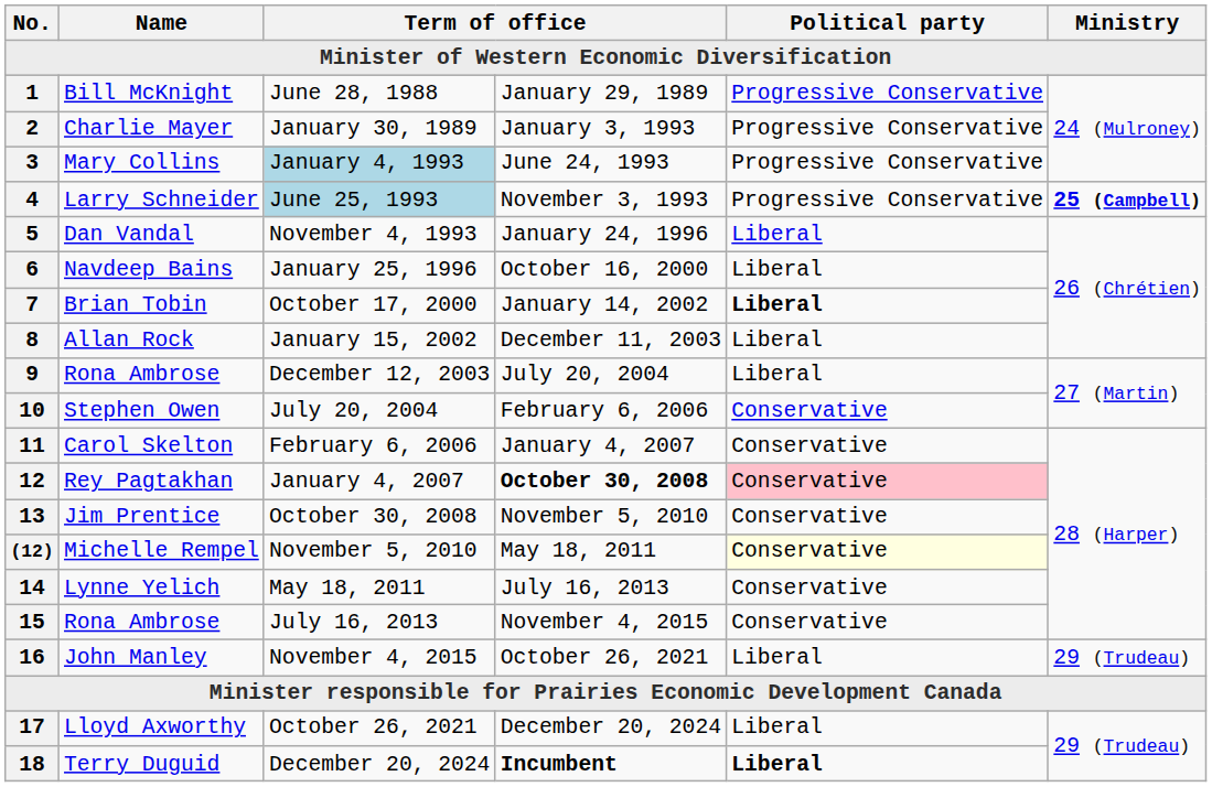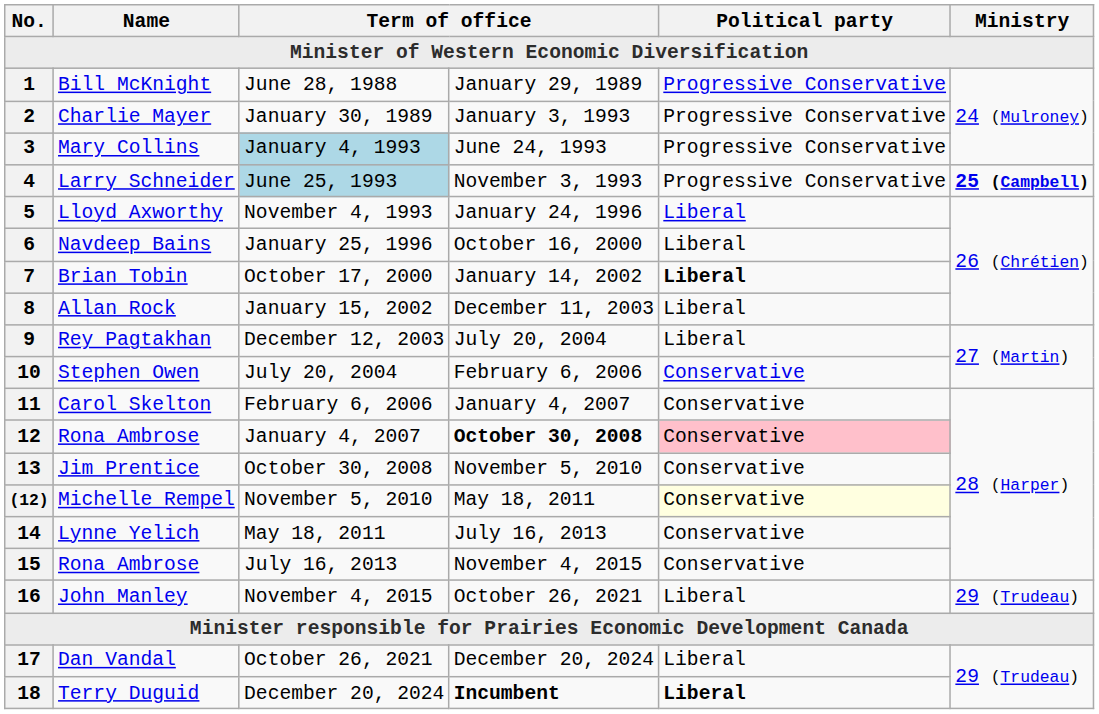 <table class="wikitable">
 <tr>
 <th>No.</th>
 <th>Name</th>
 <th colspan=2>Term of office</th>
 <th>Political party</th>
 <th>Ministry</th>
 </tr>
 <tr>
 <th colspan="17" style="background: #ececec; color: #2C2C2C; vertical-align: middle;">Minister of Western Economic Diversification</th>
 </tr>
 <tr>
 <th style="background:">1</th>
 <td><a href='#'>Bill McKnight</a></td>
 <td>June 28, 1988</td>
 <td>January 29, 1989</td>
 <td><a href='#'>Progressive Conservative</a></td>
 <td rowspan=3><a href='#'>24</a> <small>(<a href='#'>Mulroney</a>)</small></td>
 </tr>
 <tr>
 <th style="background:">2</th>
 <td><a href='#'>Charlie Mayer</a></td>
 <td>January 30, 1989</td>
 <td>January 3, 1993</td>
 <td>Progressive Conservative</td>
 </tr>
 <tr>
 <th style="background:">3</th>
 <td><a href='#'>Mary Collins</a></td>
 <td style="background: lightblue;">January 4, 1993</td>
 <td>June 24, 1993</td>
 <td>Progressive Conservative</td>
 </tr>
 <tr>
 <th style="background:">4</th>
 <td><a href='#'>Larry Schneider</a></td>
 <td style="background: lightblue;">June 25, 1993</td>
 <td>November 3, 1993</td>
 <td>Progressive Conservative</td>
 <td><strong><a href='#'>25</a> <small>(<a href='#'>Campbell</a>)</small></strong></td>
 </tr>
 <tr>
 <th style="background:">5</th>
-<td><a href='#'>Dan Vandal</a></td>
+<td><a href='#'>Lloyd Axworthy</a></td>
 <td>November 4, 1993</td>
 <td>January 24, 1996</td>
 <td><a href='#'>Liberal</a></td>
 <td rowspan=4><a href='#'>26</a> <small>(<a href='#'>Chrétien</a>)</small></td>
 </tr>
 <tr>
 <th style="background:">6</th>
 <td><a href='#'>Navdeep Bains</a></td>
 <td>January 25, 1996</td>
 <td>October 16, 2000</td>
 <td>Liberal</td>
 </tr>
 <tr>
 <th style="background:">7</th>
 <td><a href='#'>Brian Tobin</a></td>
 <td>October 17, 2000</td>
 <td>January 14, 2002</td>
 <td><strong>Liberal</strong></td>
 </tr>
 <tr>
 <th style="background:">8</th>
 <td><a href='#'>Allan Rock</a></td>
 <td>January 15, 2002</td>
 <td>December 11, 2003</td>
 <td>Liberal</td>
 </tr>
 <tr>
 <th style="background:">9</th>
-<td><a href='#'>Rona Ambrose</a></td>
+<td><a href='#'>Rey Pagtakhan</a></td>
 <td>December 12, 2003</td>
 <td>July 20, 2004</td>
 <td>Liberal</td>
 <td rowspan=2><a href='#'>27</a> <small>(<a href='#'>Martin</a>)</small></td>
 </tr>
 <tr>
 <th style="background:">10</th>
 <td><a href='#'>Stephen Owen</a></td>
 <td>July 20, 2004</td>
 <td>February 6, 2006</td>
 <td><a href='#'>Conservative</a></td>
 </tr>
 <tr>
 <th style="background:">11</th>
 <td><a href='#'>Carol Skelton</a></td>
 <td>February 6, 2006</td>
 <td>January 4, 2007</td>
 <td>Conservative</td>
 <td rowspan=6><a href='#'>28</a> <small>(<a href='#'>Harper</a>)</small></td>
 </tr>
 <tr>
 <th style="background:">12</th>
-<td><a href='#'>Rey Pagtakhan</a></td>
+<td><a href='#'>Rona Ambrose</a></td>
 <td>January 4, 2007</td>
 <td><strong>October 30, 2008</strong></td>
 <td style="background: pink;">Conservative</td>
 </tr>
 <tr>
 <th style="background:">13</th>
 <td><a href='#'>Jim Prentice</a></td>
 <td>October 30, 2008</td>
 <td>November 5, 2010</td>
 <td>Conservative</td>
 </tr>
 <tr>
 <th style="background:"><small>(12)</small></th>
 <td><a href='#'>Michelle Rempel</a></td>
 <td>November 5, 2010</td>
 <td>May 18, 2011</td>
 <td style="background: lightyellow;">Conservative</td>
 </tr>
 <tr>
 <th style="background:">14</th>
 <td><a href='#'>Lynne Yelich</a></td>
 <td>May 18, 2011</td>
 <td>July 16, 2013</td>
 <td>Conservative</td>
 </tr>
 <tr>
 <th style="background:">15</th>
 <td><a href='#'>Rona Ambrose</a></td>
 <td>July 16, 2013</td>
 <td>November 4, 2015</td>
 <td>Conservative</td>
 </tr>
 <tr>
 <th style="background:">16</th>
 <td><a href='#'>John Manley</a></td>
 <td>November 4, 2015</td>
 <td>October 26, 2021</td>
 <td>Liberal</td>
 <td rowspan=1><a href='#'>29</a> <small>(<a href='#'>Trudeau</a>)</small></td>
 </tr>
 <tr>
 <th colspan="17" style="background: #ececec; color: #2C2C2C; vertical-align: middle;">Minister responsible for Prairies Economic Development Canada</th>
 </tr>
 <tr>
 <th style="background:">17</th>
-<td><a href='#'>Lloyd Axworthy</a></td>
+<td><a href='#'>Dan Vandal</a></td>
 <td>October 26, 2021</td>
 <td>December 20, 2024</td>
 <td>Liberal</td>
 <td rowspan=2><a href='#'>29</a> <small>(<a href='#'>Trudeau</a>)</small></td>
 </tr>
 <tr>
 <th style="background:">18</th>
 <td><a href='#'>Terry Duguid</a></td>
 <td>December 20, 2024</td>
 <td><strong>Incumbent</strong></td>
 <td><strong>Liberal</strong></td>
 </tr>
 </table>
